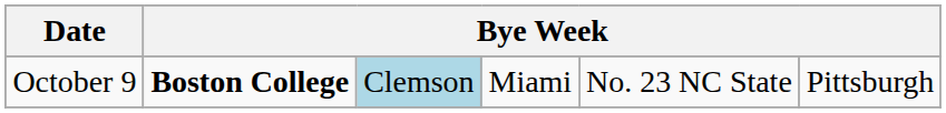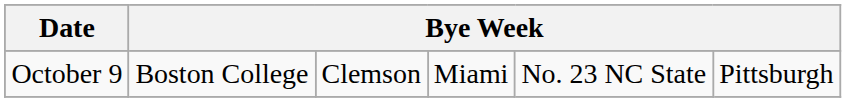 <table class="wikitable" style="font-size:95%;">
 <tr>
 <th>Date</th>
 <th colspan="6">Bye Week</th>
 </tr>
 <tr>
 <td>October 9</td>
-<td><strong>Boston College</strong></td>
-<td style="background: lightblue;">Clemson</td>
+<td>Boston College</td>
+<td>Clemson</td>
 <td>Miami</td>
 <td>No. 23 NC State</td>
 <td>Pittsburgh</td>
 </tr>
 </table>
